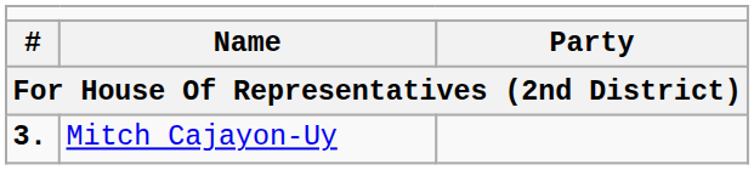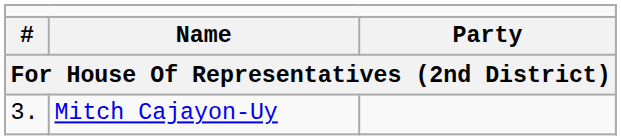 <table class=wikitable style="font-size:90%">
 <tr>
 <td colspan=5 bgcolor=></td>
 </tr>
 <tr>
 <th>#</th>
 <th width=150px>Name</th>
 <th colspan=2 width=110px>Party</th>
 </tr>
 <tr>
 <th colspan=5>For House Of Representatives (2nd District)</th>
 </tr>
 <tr>
-<td><strong>3.</strong></td>
+<td>3.</td>
 <td><a href='#'>Mitch Cajayon-Uy</a></td>
 <td></td>
 </tr>
 </table>
